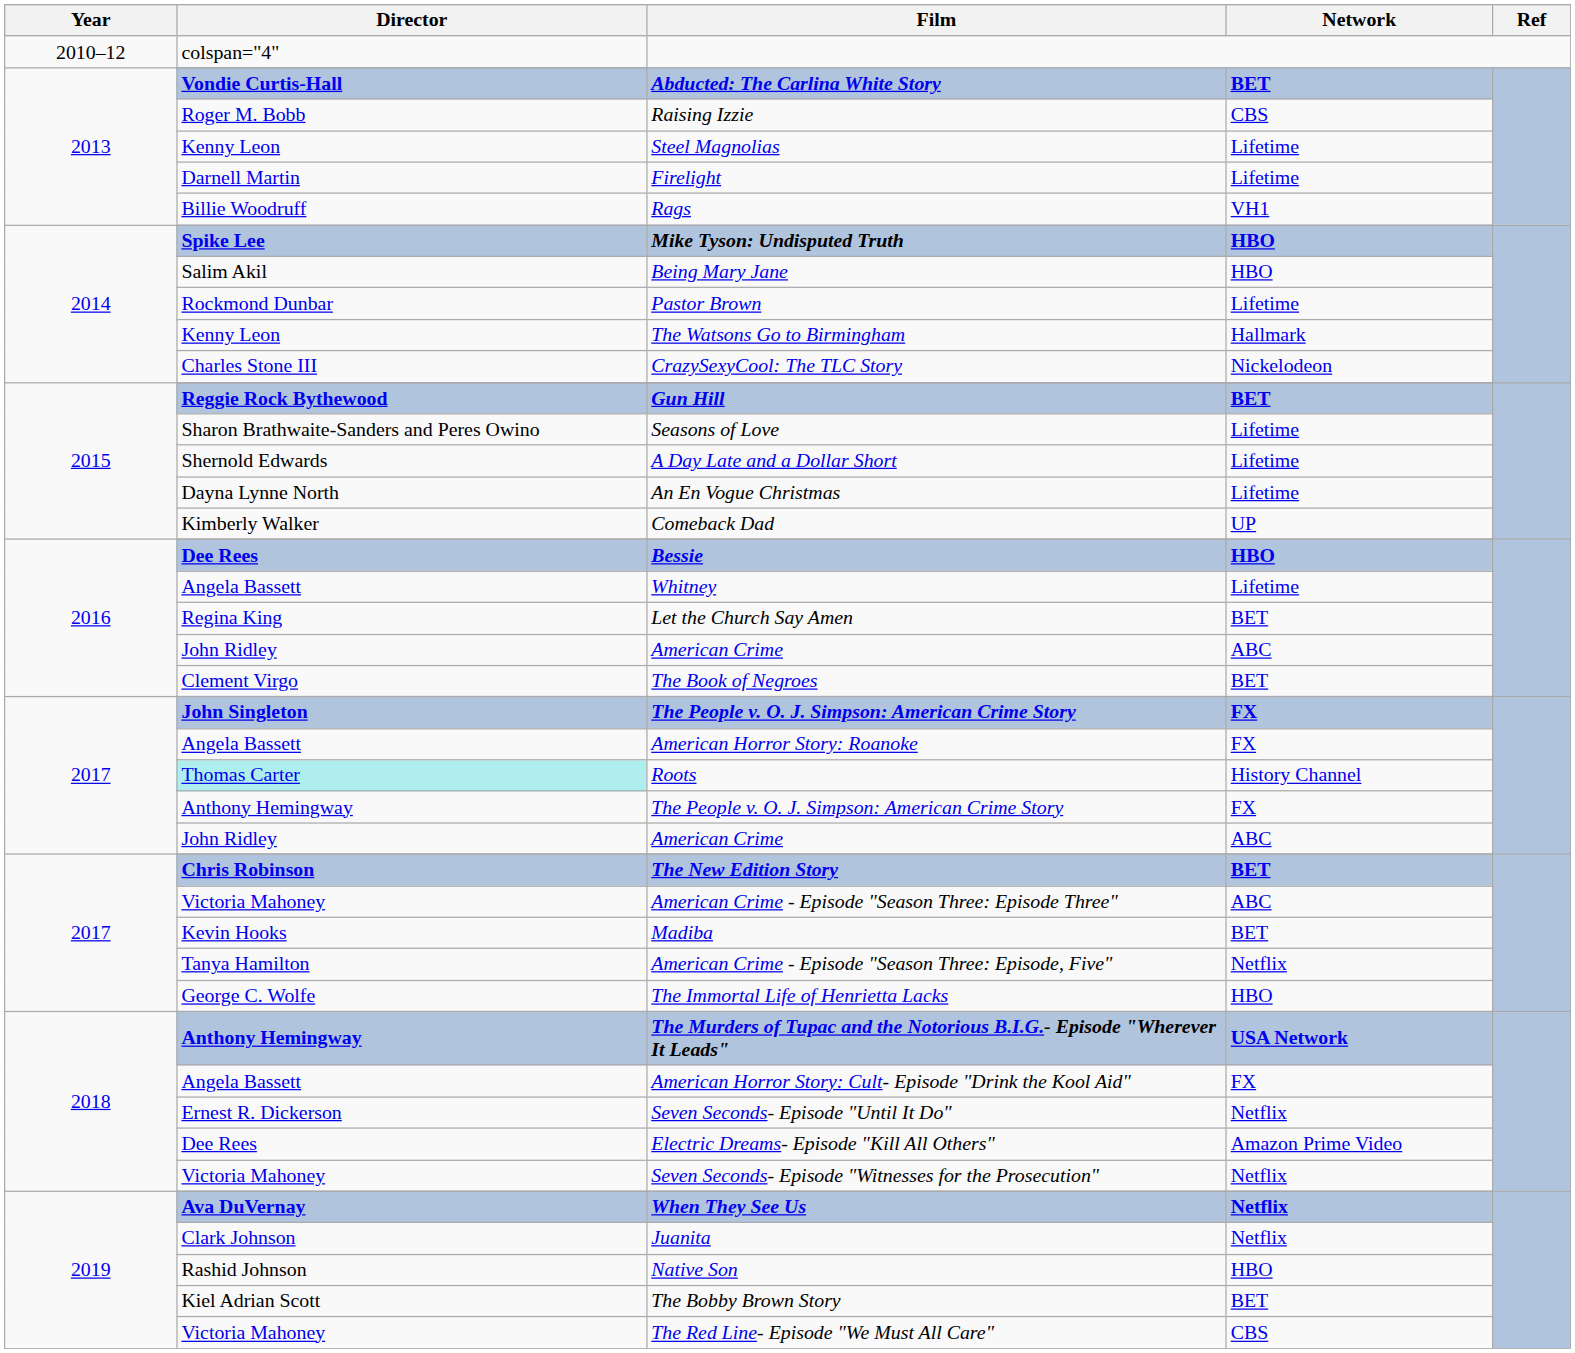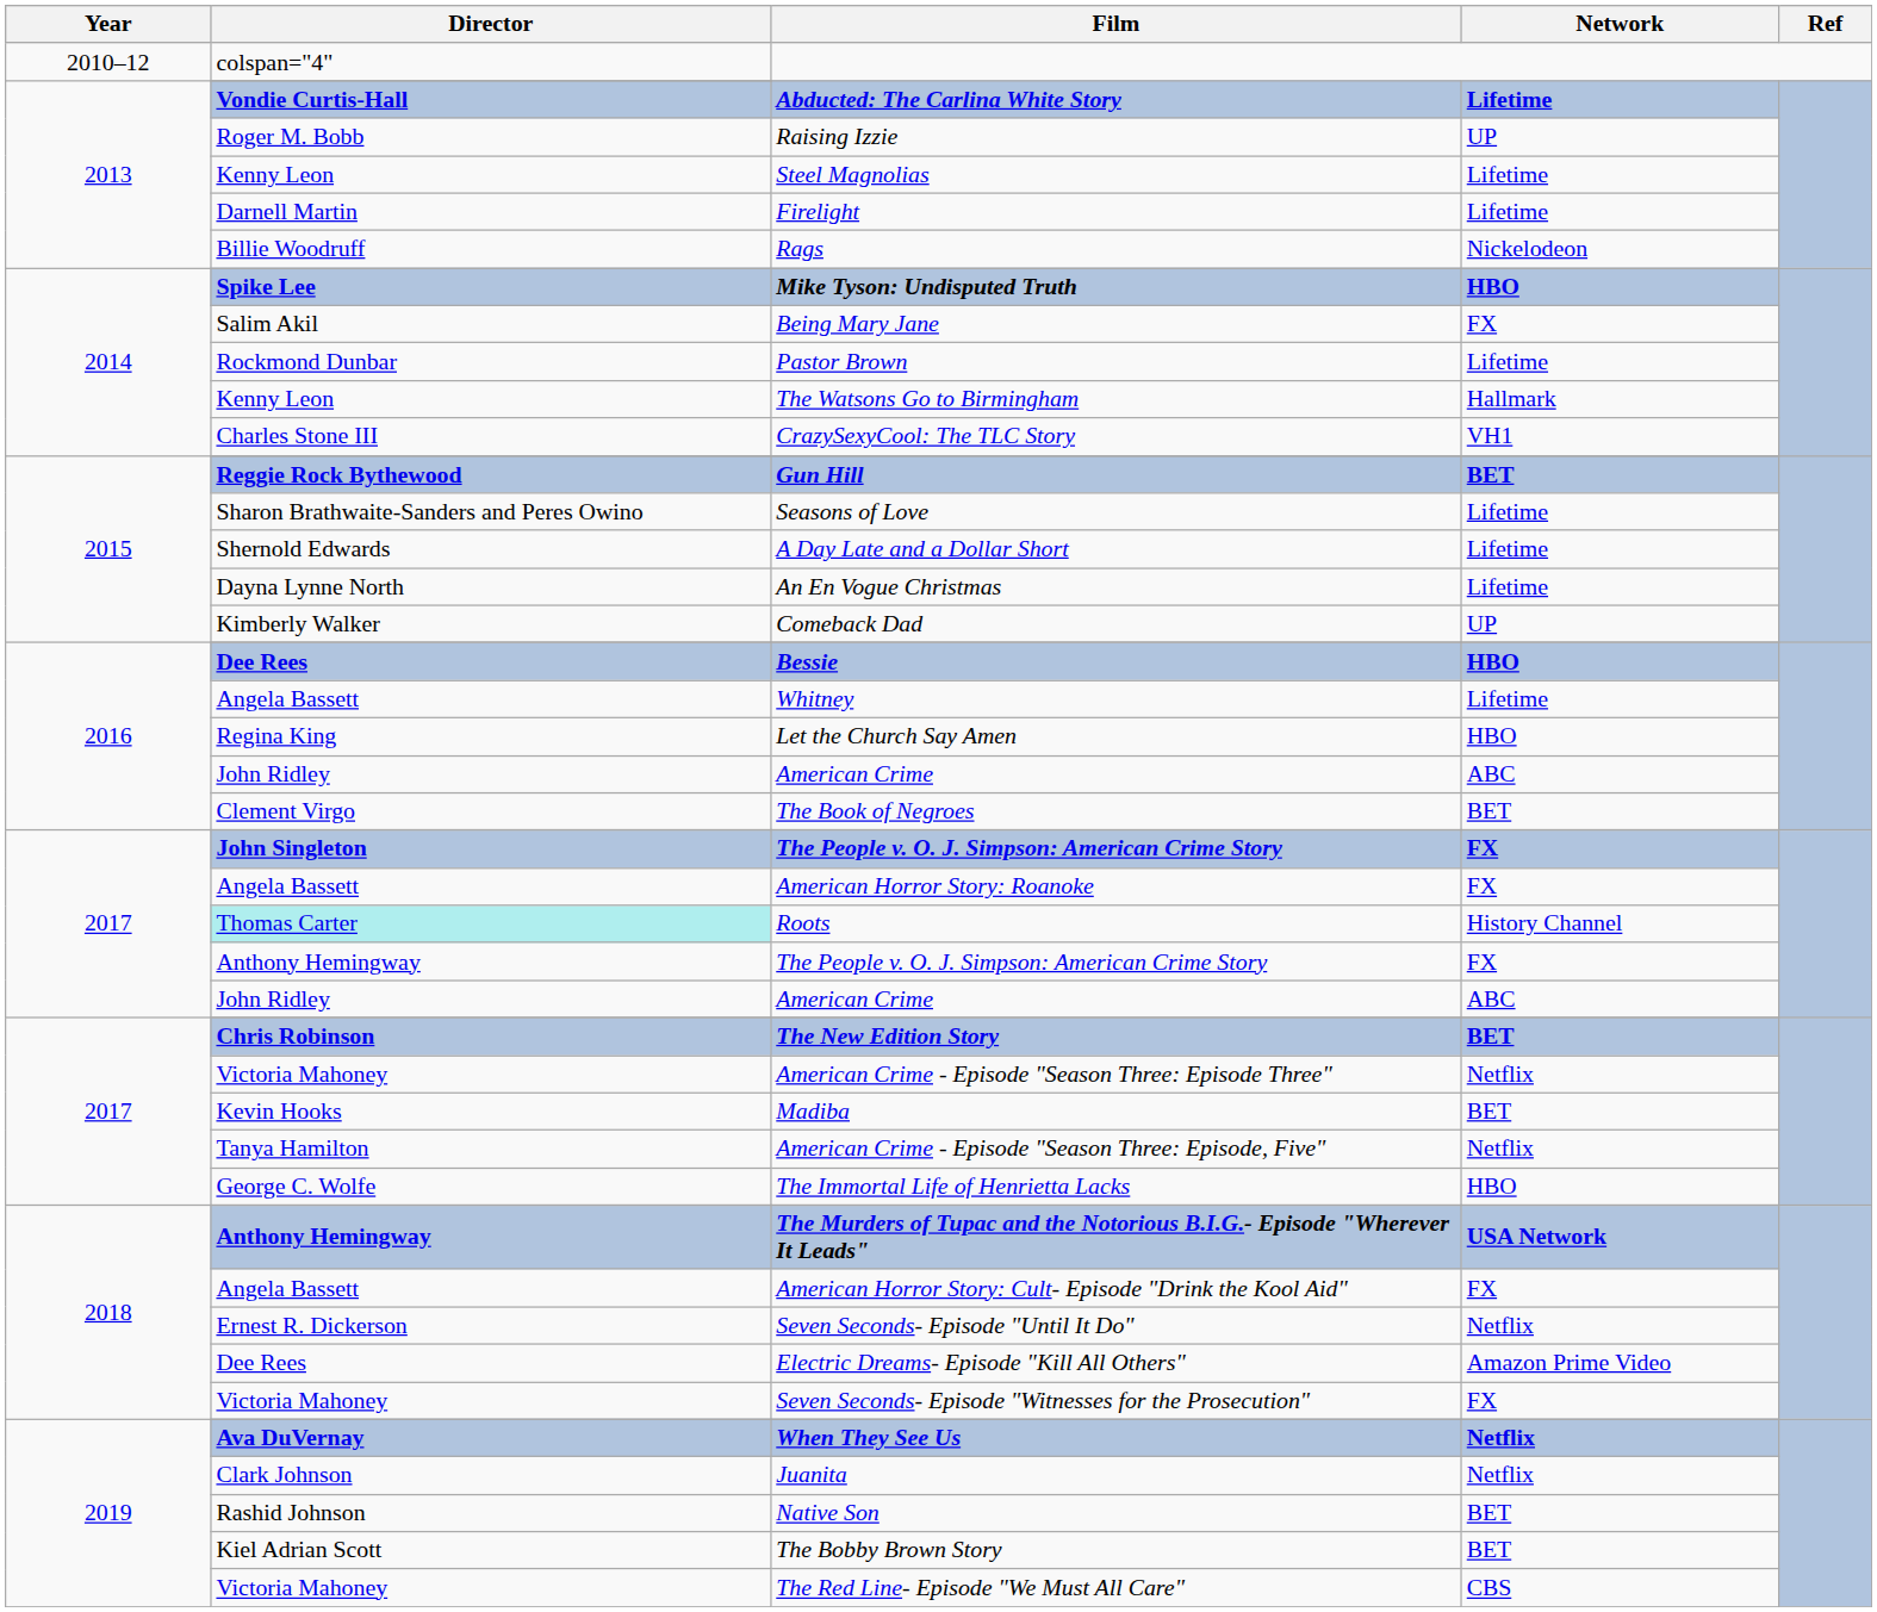 <table class="wikitable" style="width:100%;">
 <tr style="background:#bebebe;">
 <th style="width:11%;">Year</th>
 <th style="width:30%;">Director</th>
 <th style="width:37%;">Film</th>
 <th style="width:17%;">Network</th>
 <th style="width:5%;">Ref</th>
 </tr>
 <tr>
 <td align="center">2010–12</td>
 <td>colspan="4" </td>
 </tr>
 <tr>
 <td rowspan="6" align="center"><a href='#'>2013</a></td>
 </tr>
 <tr style="background:#B0C4DE">
 <td><strong><a href='#'>Vondie Curtis-Hall</a></strong></td>
 <td><strong><em><a href='#'>Abducted: The Carlina White Story</a></em></strong></td>
-<td><strong><a href='#'>BET</a></strong></td>
+<td><strong><a href='#'>Lifetime</a></strong></td>
 <td rowspan="6" align="center"></td>
 </tr>
 <tr>
 <td><a href='#'>Roger M. Bobb</a></td>
 <td><em>Raising Izzie</em></td>
-<td><a href='#'>CBS</a></td>
+<td><a href='#'>UP</a></td>
 </tr>
 <tr>
 <td><a href='#'>Kenny Leon</a></td>
 <td><em><a href='#'>Steel Magnolias</a></em></td>
 <td><a href='#'>Lifetime</a></td>
 </tr>
 <tr>
 <td><a href='#'>Darnell Martin</a></td>
 <td><em><a href='#'>Firelight</a></em></td>
 <td><a href='#'>Lifetime</a></td>
 </tr>
 <tr>
 <td><a href='#'>Billie Woodruff</a></td>
 <td><em><a href='#'>Rags</a></em></td>
-<td><a href='#'>VH1</a></td>
+<td><a href='#'>Nickelodeon</a></td>
 </tr>
 <tr>
 <td rowspan="6" align="center"><a href='#'>2014</a></td>
 </tr>
 <tr style="background:#B0C4DE">
 <td><strong><a href='#'>Spike Lee</a></strong></td>
 <td><strong><em>Mike Tyson: Undisputed Truth</em></strong></td>
 <td><strong><a href='#'>HBO</a></strong></td>
 <td rowspan="6" align="center"></td>
 </tr>
 <tr>
 <td>Salim Akil</td>
 <td><em><a href='#'>Being Mary Jane</a></em></td>
-<td><a href='#'>HBO</a></td>
+<td><a href='#'>FX</a></td>
 </tr>
 <tr>
 <td><a href='#'>Rockmond Dunbar</a></td>
 <td><em><a href='#'>Pastor Brown</a></em></td>
 <td><a href='#'>Lifetime</a></td>
 </tr>
 <tr>
 <td><a href='#'>Kenny Leon</a></td>
 <td><em><a href='#'>The Watsons Go to Birmingham</a></em></td>
 <td><a href='#'>Hallmark</a></td>
 </tr>
 <tr>
 <td><a href='#'>Charles Stone III</a></td>
 <td><em><a href='#'>CrazySexyCool: The TLC Story</a></em></td>
-<td><a href='#'>Nickelodeon</a></td>
+<td><a href='#'>VH1</a></td>
 </tr>
 <tr>
 <td rowspan="6" align="center"><a href='#'>2015</a></td>
 </tr>
 <tr style="background:#B0C4DE">
 <td><strong><a href='#'>Reggie Rock Bythewood</a></strong></td>
 <td><strong><em><a href='#'>Gun Hill</a></em></strong></td>
 <td><strong><a href='#'>BET</a></strong></td>
 <td rowspan="6" align="center"></td>
 </tr>
 <tr>
 <td>Sharon Brathwaite-Sanders and Peres Owino</td>
 <td><em>Seasons of Love</em></td>
 <td><a href='#'>Lifetime</a></td>
 </tr>
 <tr>
 <td>Shernold Edwards</td>
 <td><em><a href='#'>A Day Late and a Dollar Short</a></em></td>
 <td><a href='#'>Lifetime</a></td>
 </tr>
 <tr>
 <td>Dayna Lynne North</td>
 <td><em>An En Vogue Christmas</em></td>
 <td><a href='#'>Lifetime</a></td>
 </tr>
 <tr>
 <td>Kimberly Walker</td>
 <td><em>Comeback Dad</em></td>
 <td><a href='#'>UP</a></td>
 </tr>
 <tr>
 <td rowspan="6" align="center"><a href='#'>2016</a></td>
 </tr>
 <tr style="background:#B0C4DE">
 <td><strong><a href='#'>Dee Rees</a></strong></td>
 <td><strong><em><a href='#'>Bessie</a></em></strong></td>
 <td><strong><a href='#'>HBO</a></strong></td>
 <td rowspan="6" align="center"></td>
 </tr>
 <tr>
 <td><a href='#'>Angela Bassett</a></td>
 <td><em><a href='#'>Whitney</a></em></td>
 <td><a href='#'>Lifetime</a></td>
 </tr>
 <tr>
 <td><a href='#'>Regina King</a></td>
 <td><em>Let the Church Say Amen</em></td>
-<td><a href='#'>BET</a></td>
+<td><a href='#'>HBO</a></td>
 </tr>
 <tr>
 <td><a href='#'>John Ridley</a></td>
 <td><em><a href='#'>American Crime</a></em></td>
 <td><a href='#'>ABC</a></td>
 </tr>
 <tr>
 <td><a href='#'>Clement Virgo</a></td>
 <td><em><a href='#'>The Book of Negroes</a></em></td>
 <td><a href='#'>BET</a></td>
 </tr>
 <tr>
 <td rowspan="6" align="center"><a href='#'>2017</a></td>
 </tr>
 <tr style="background:#B0C4DE">
 <td><strong><a href='#'>John Singleton</a></strong></td>
 <td><strong><em><a href='#'>The People v. O. J. Simpson: American Crime Story</a></em></strong></td>
 <td><strong><a href='#'>FX</a></strong></td>
 <td rowspan="6" align="center"></td>
 </tr>
 <tr>
 <td><a href='#'>Angela Bassett</a></td>
 <td><em><a href='#'>American Horror Story: Roanoke</a></em></td>
 <td><a href='#'>FX</a></td>
 </tr>
 <tr>
 <td style="background: paleturquoise;"><a href='#'>Thomas Carter</a></td>
 <td><em><a href='#'>Roots</a></em></td>
 <td><a href='#'>History Channel</a></td>
 </tr>
 <tr>
 <td><a href='#'>Anthony Hemingway</a></td>
 <td><em><a href='#'>The People v. O. J. Simpson: American Crime Story</a></em></td>
 <td><a href='#'>FX</a></td>
 </tr>
 <tr>
 <td><a href='#'>John Ridley</a></td>
 <td><em><a href='#'>American Crime</a></em></td>
 <td><a href='#'>ABC</a></td>
 </tr>
 <tr>
 <td rowspan="6" align="center"><a href='#'>2017</a></td>
 </tr>
 <tr style="background:#B0C4DE">
 <td><strong><a href='#'>Chris Robinson</a></strong></td>
 <td><strong><em><a href='#'>The New Edition Story</a></em></strong></td>
 <td><strong><a href='#'>BET</a></strong></td>
 <td rowspan="6" align="center"></td>
 </tr>
 <tr>
 <td><a href='#'>Victoria Mahoney</a></td>
 <td><em><a href='#'>American Crime</a> - Episode "Season Three: Episode Three"</em></td>
-<td><a href='#'>ABC</a></td>
+<td><a href='#'>Netflix</a></td>
 </tr>
 <tr>
 <td><a href='#'>Kevin Hooks</a></td>
 <td><em><a href='#'>Madiba</a></em></td>
 <td><a href='#'>BET</a></td>
 </tr>
 <tr>
 <td><a href='#'>Tanya Hamilton</a></td>
 <td><em><a href='#'>American Crime</a> - Episode "Season Three: Episode, Five"</em></td>
 <td><a href='#'>Netflix</a></td>
 </tr>
 <tr>
 <td><a href='#'>George C. Wolfe</a></td>
 <td><em><a href='#'>The Immortal Life of Henrietta Lacks</a></em></td>
 <td><a href='#'>HBO</a></td>
 </tr>
 <tr>
 <td rowspan="6" align="center"><a href='#'>2018</a></td>
 </tr>
 <tr style="background:#B0C4DE">
 <td><strong><a href='#'>Anthony Hemingway</a></strong></td>
 <td><strong><em><a href='#'>The Murders of Tupac and the Notorious B.I.G.</a>- Episode "Wherever It Leads"</em></strong></td>
 <td><strong><a href='#'>USA Network</a></strong></td>
 <td rowspan="6" align="center"></td>
 </tr>
 <tr>
 <td><a href='#'>Angela Bassett</a></td>
 <td><em><a href='#'>American Horror Story: Cult</a>- Episode "Drink the Kool Aid"</em></td>
 <td><a href='#'>FX</a></td>
 </tr>
 <tr>
 <td><a href='#'>Ernest R. Dickerson</a></td>
 <td><em><a href='#'>Seven Seconds</a>-  Episode "Until It Do"</em></td>
 <td><a href='#'>Netflix</a></td>
 </tr>
 <tr>
 <td><a href='#'>Dee Rees</a></td>
 <td><em><a href='#'>Electric Dreams</a>-  Episode "Kill All Others"</em></td>
 <td><a href='#'>Amazon Prime Video</a></td>
 </tr>
 <tr>
 <td><a href='#'>Victoria Mahoney</a></td>
 <td><em><a href='#'>Seven Seconds</a>- Episode "Witnesses for the Prosecution"</em></td>
-<td><a href='#'>Netflix</a></td>
+<td><a href='#'>FX</a></td>
 </tr>
 <tr>
 <td rowspan="6" align="center"><a href='#'>2019</a></td>
 </tr>
 <tr style="background:#B0C4DE">
 <td><strong><a href='#'>Ava DuVernay</a></strong></td>
 <td><strong><em><a href='#'>When They See Us</a></em></strong></td>
 <td><strong><a href='#'>Netflix</a></strong></td>
 <td rowspan="6" align="center"></td>
 </tr>
 <tr>
 <td><a href='#'>Clark Johnson</a></td>
 <td><em><a href='#'>Juanita</a></em></td>
 <td><a href='#'>Netflix</a></td>
 </tr>
 <tr>
 <td>Rashid Johnson</td>
 <td><em><a href='#'>Native Son</a></em></td>
-<td><a href='#'>HBO</a></td>
+<td><a href='#'>BET</a></td>
 </tr>
 <tr>
 <td>Kiel Adrian Scott</td>
 <td><em>The Bobby Brown Story</em></td>
 <td><a href='#'>BET</a></td>
 </tr>
 <tr>
 <td><a href='#'>Victoria Mahoney</a></td>
 <td><em><a href='#'>The Red Line</a>- Episode "We Must All Care"</em></td>
 <td><a href='#'>CBS</a></td>
 </tr>
 </table>
